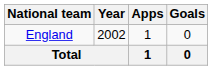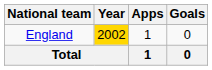 <table class=wikitable style="text-align: center">
 <tr>
 <th>National team</th>
 <th>Year</th>
 <th>Apps</th>
 <th>Goals</th>
 </tr>
 <tr>
 <td><a href='#'>England</a></td>
-<td>2002</td>
+<td style="background: gold;">2002</td>
 <td>1</td>
 <td>0</td>
 </tr>
 <tr>
 <th colspan=2>Total</th>
 <th>1</th>
 <th>0</th>
 </tr>
 </table>
